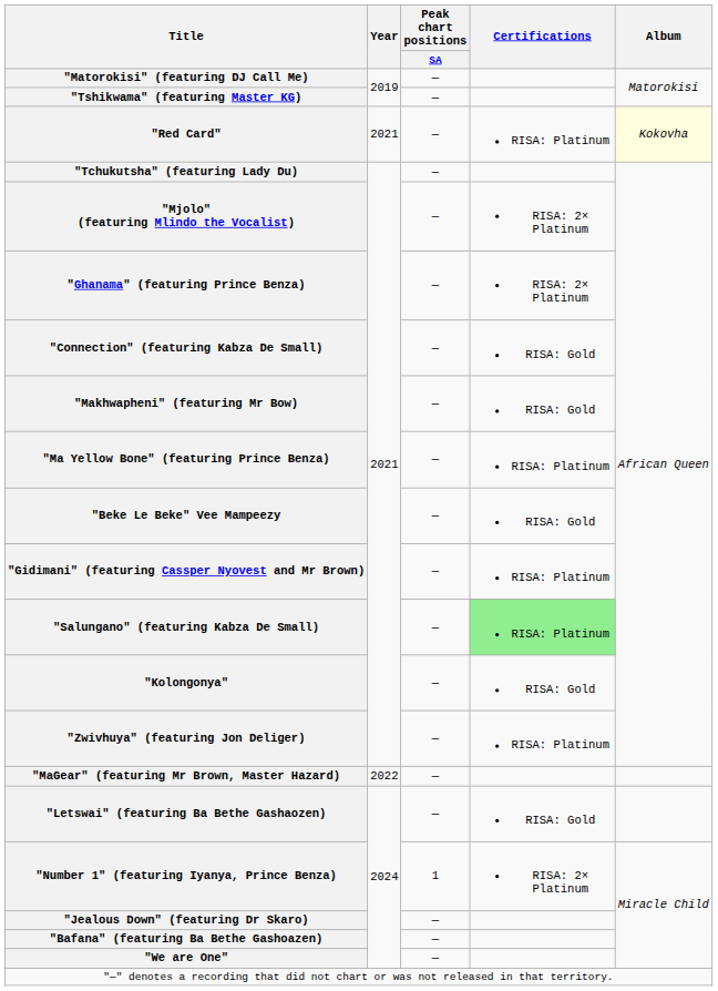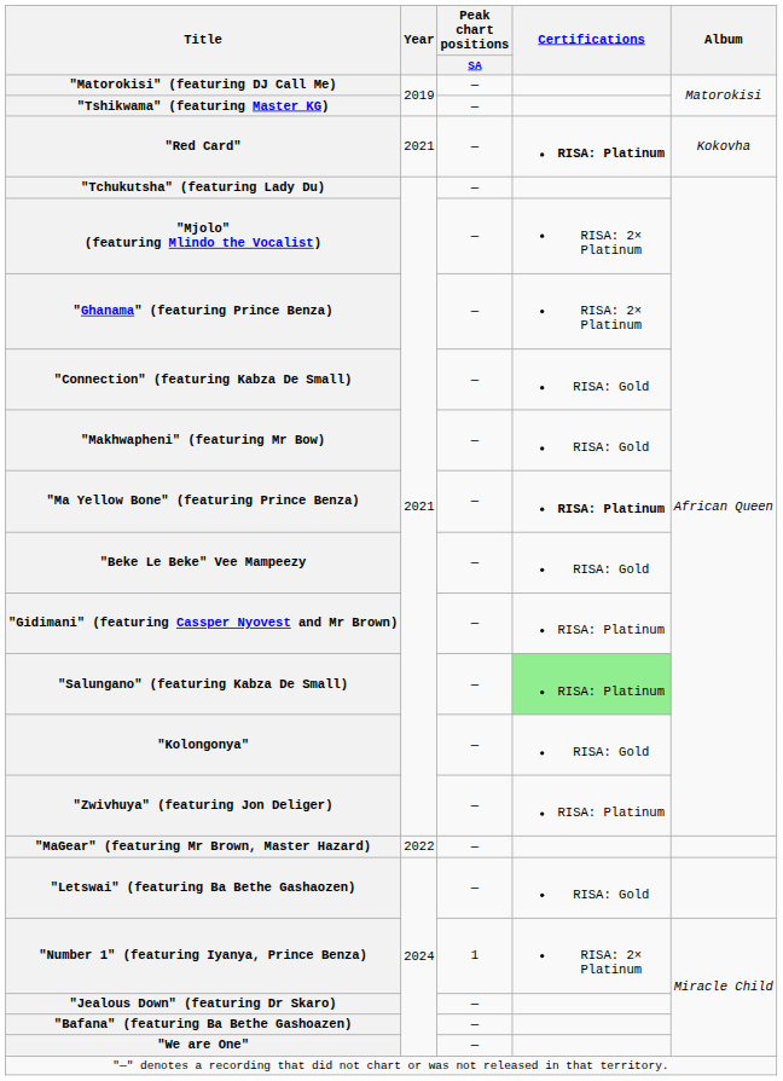 <table class="wikitable plainrowheaders" style="text-align:center;">
 <tr>
 <th scope="col" rowspan="2">Title</th>
 <th scope="col" rowspan="2">Year</th>
 <th scope="col" colspan="1">Peak chart positions</th>
 <th scope="col" rowspan="2" style="width:12em;"><a href='#'>Certifications</a></th>
 <th scope="col" rowspan="2">Album</th>
 </tr>
 <tr>
 <th scope="col" style="width:3em;font-size:90%;"><a href='#'>SA</a><br></th>
 </tr>
 <tr>
 <th scope="row">"Matorokisi" (featuring DJ Call Me)</th>
 <td rowspan=2>2019</td>
 <td>—</td>
 <td></td>
 <td rowspan=2><em>Matorokisi</em></td>
 </tr>
 <tr>
 <th scope="row">"Tshikwama" (featuring <a href='#'>Master KG</a>)</th>
 <td>—</td>
 <td></td>
 </tr>
 <tr>
 <th scope="row">"Red Card"</th>
 <td>2021</td>
 <td>—</td>
-<td><br><ul><li>RISA: Platinum</li></ul></td>
-<td style="background: lightyellow;"><em>Kokovha</em></td>
+<td><strong><br><ul><li>RISA: Platinum</li></ul></strong></td>
+<td><em>Kokovha</em></td>
 </tr>
 <tr>
 <th scope="row">"Tchukutsha" (featuring Lady Du)</th>
 <td rowspan="11">2021</td>
 <td>—</td>
 <td></td>
 <td rowspan="11"><em>African Queen</em></td>
 </tr>
 <tr>
 <th scope="row">"Mjolo"<br>(featuring <a href='#'>Mlindo the Vocalist</a>)</th>
 <td>—</td>
 <td><br><ul><li>RISA: 2× Platinum</li></ul></td>
 </tr>
 <tr>
 <th scope="row">"<a href='#'>Ghanama</a>" (featuring Prince Benza)</th>
 <td>—</td>
 <td><br><ul><li>RISA: 2× Platinum</li></ul></td>
 </tr>
 <tr>
 <th scope="row">"Connection" (featuring Kabza De Small)</th>
 <td>—</td>
 <td><br><ul><li>RISA: Gold</li></ul></td>
 </tr>
 <tr>
 <th scope="row">"Makhwapheni" (featuring Mr Bow)</th>
 <td>—</td>
 <td><br><ul><li>RISA: Gold</li></ul></td>
 </tr>
 <tr>
 <th scope="row">"Ma Yellow Bone" (featuring Prince Benza)</th>
 <td>—</td>
-<td><br><ul><li>RISA: Platinum</li></ul></td>
+<td><strong><br><ul><li>RISA: Platinum</li></ul></strong></td>
 </tr>
 <tr>
 <th scope="row">"Beke Le Beke" Vee Mampeezy</th>
 <td>—</td>
 <td><br><ul><li>RISA: Gold</li></ul></td>
 </tr>
 <tr>
 <th scope="row">"Gidimani" (featuring <a href='#'>Cassper Nyovest</a> and Mr Brown)</th>
 <td>—</td>
 <td><br><ul><li>RISA: Platinum</li></ul></td>
 </tr>
 <tr>
 <th scope="row">"Salungano" (featuring Kabza De Small)</th>
 <td>—</td>
 <td style="background: lightgreen;"><br><ul><li>RISA: Platinum</li></ul></td>
 </tr>
 <tr>
 <th scope="row">"Kolongonya"</th>
 <td>—</td>
 <td><br><ul><li>RISA: Gold</li></ul></td>
 </tr>
 <tr>
 <th scope="row">"Zwivhuya" (featuring Jon Deliger)</th>
 <td>—</td>
 <td><br><ul><li>RISA: Platinum</li></ul></td>
 </tr>
 <tr>
 <th scope="row">"MaGear" (featuring  Mr Brown, Master Hazard)</th>
 <td>2022</td>
 <td>—</td>
 <td></td>
 <td></td>
 </tr>
 <tr>
 <th scope="row">"Letswai" (featuring Ba Bethe Gashaozen)</th>
 <td rowspan=5>2024</td>
 <td>—</td>
 <td><br><ul><li>RISA: Gold</li></ul></td>
 <td></td>
 </tr>
 <tr>
 <th scope="row">"Number 1" (featuring Iyanya, Prince Benza)</th>
 <td>1</td>
 <td><br><ul><li>RISA: 2× Platinum</li></ul></td>
 <td rowspan=4><em>Miracle Child</em></td>
 </tr>
 <tr>
 <th scope="row">"Jealous Down" (featuring Dr Skaro)</th>
 <td>—</td>
 <td></td>
 </tr>
 <tr>
 <th scope="row">"Bafana" (featuring Ba Bethe Gashoazen)</th>
 <td>—</td>
 <td></td>
 </tr>
 <tr>
 <th scope="row">"We are One"</th>
 <td>—</td>
 <td></td>
 </tr>
 <tr>
 <td colspan="8" style="font-size:90%">"—" denotes a recording that did not chart or was not released in that territory.</td>
 </tr>
 </table>
